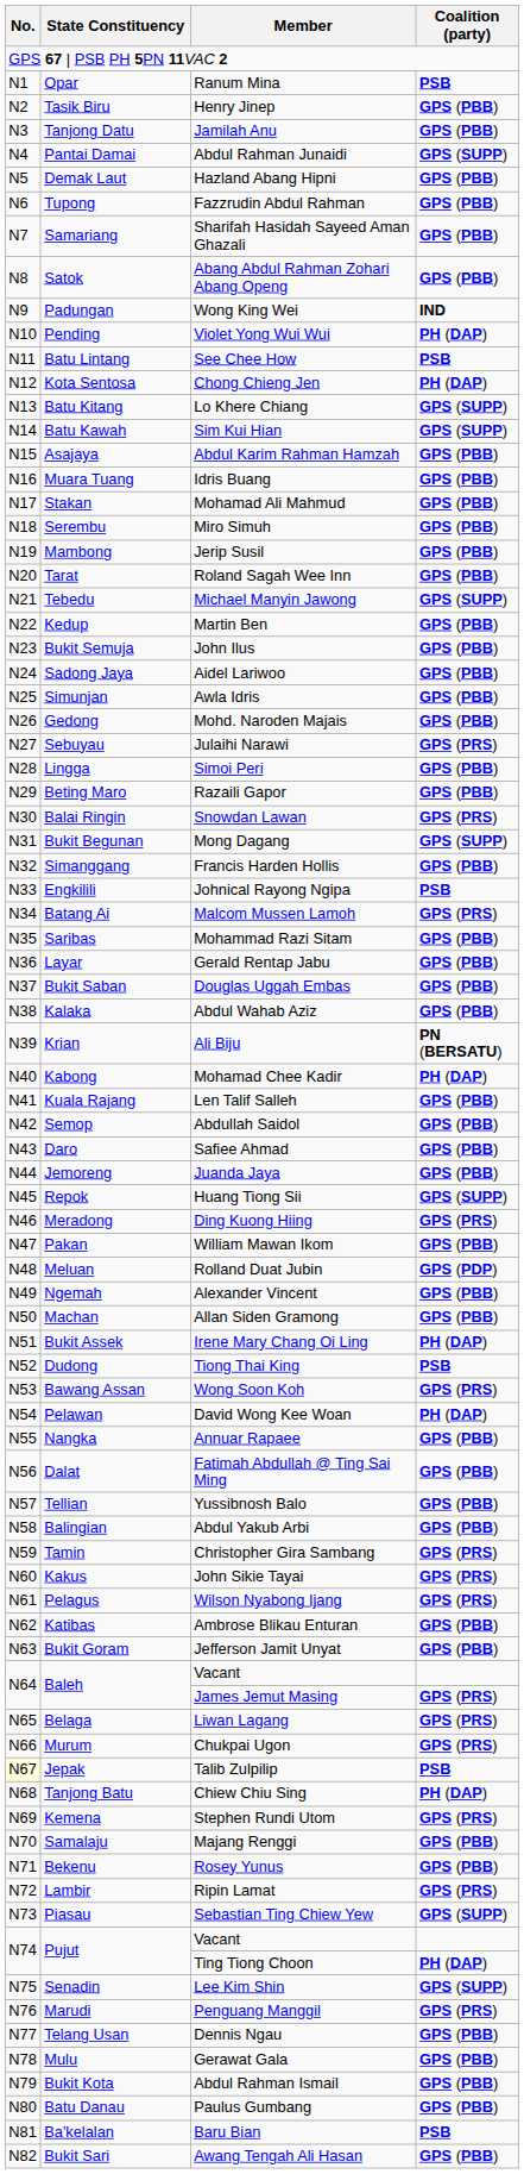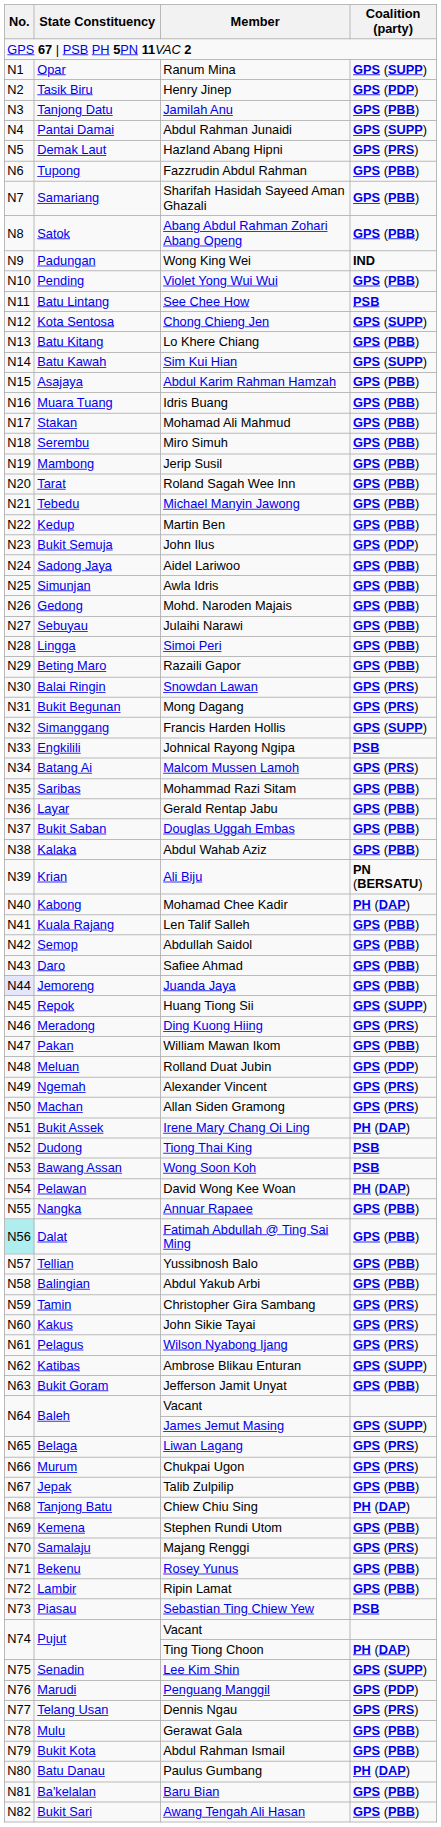 <table class="wikitable sortable">
 <tr>
 <th style="width:30px;">No.</th>
 <th style="width:150px;">State Constituency</th>
 <th style="width:230px;">Member</th>
 <th style="width:100px;">Coalition (party)</th>
 </tr>
 <tr>
 <td colspan="4"><a href='#'>GPS</a> <strong>67</strong> | <a href='#'>PSB</a> <strong></strong> <a href='#'>PH</a> <strong>5</strong><a href='#'>PN</a> <strong>1</strong><strong>1</strong><em>VAC</em> <strong>2</strong></td>
 </tr>
 <tr>
 <td>N1</td>
 <td><a href='#'>Opar</a></td>
 <td>Ranum Mina</td>
-<td style="background:"><strong><a href='#'>PSB</a></strong></td>
+<td style="background:"><strong><a href='#'>GPS</a></strong> (<strong><a href='#'>SUPP</a></strong>)</td>
 </tr>
 <tr>
 <td>N2</td>
 <td><a href='#'>Tasik Biru</a></td>
 <td>Henry Jinep</td>
-<td style="background:"><strong><a href='#'>GPS</a></strong> (<strong><a href='#'>PBB</a></strong>)</td>
+<td style="background:"><strong><a href='#'>GPS</a></strong> (<strong><a href='#'>PDP</a></strong>)</td>
 </tr>
 <tr>
 <td>N3</td>
 <td><a href='#'>Tanjong Datu</a></td>
 <td><a href='#'>Jamilah Anu</a></td>
 <td style="background:"><strong><a href='#'>GPS</a></strong> (<strong><a href='#'>PBB</a></strong>)</td>
 </tr>
 <tr>
 <td>N4</td>
 <td><a href='#'>Pantai Damai</a></td>
 <td>Abdul Rahman Junaidi</td>
 <td style="background:"><strong><a href='#'>GPS</a></strong> (<strong><a href='#'>SUPP</a></strong>)</td>
 </tr>
 <tr>
 <td>N5</td>
 <td><a href='#'>Demak Laut</a></td>
 <td>Hazland Abang Hipni</td>
-<td style="background:"><strong><a href='#'>GPS</a></strong> (<strong><a href='#'>PBB</a></strong>)</td>
+<td style="background:"><strong><a href='#'>GPS</a></strong> (<strong><a href='#'>PRS</a></strong>)</td>
 </tr>
 <tr>
 <td>N6</td>
 <td><a href='#'>Tupong</a></td>
 <td>Fazzrudin Abdul Rahman</td>
 <td style="background:"><strong><a href='#'>GPS</a></strong> (<strong><a href='#'>PBB</a></strong>)</td>
 </tr>
 <tr>
 <td>N7</td>
 <td><a href='#'>Samariang</a></td>
 <td>Sharifah Hasidah Sayeed Aman Ghazali</td>
 <td style="background:"><strong><a href='#'>GPS</a></strong> (<strong><a href='#'>PBB</a></strong>)</td>
 </tr>
 <tr>
 <td>N8</td>
 <td><a href='#'>Satok</a></td>
 <td><a href='#'>Abang Abdul Rahman Zohari Abang Openg</a></td>
 <td style="background:"><strong><a href='#'>GPS</a></strong> (<strong><a href='#'>PBB</a></strong>)</td>
 </tr>
 <tr>
 <td>N9</td>
 <td><a href='#'>Padungan</a></td>
 <td>Wong King Wei</td>
 <td style="background:"><strong>IND</strong></td>
 </tr>
 <tr>
 <td>N10</td>
 <td><a href='#'>Pending</a></td>
 <td><a href='#'>Violet Yong Wui Wui</a></td>
-<td style="background:"><strong><a href='#'>PH</a></strong> (<strong><a href='#'>DAP</a></strong>)</td>
+<td style="background:"><strong><a href='#'>GPS</a></strong> (<strong><a href='#'>PBB</a></strong>)</td>
 </tr>
 <tr>
 <td>N11</td>
 <td><a href='#'>Batu Lintang</a></td>
 <td><a href='#'>See Chee How</a></td>
 <td style="background:"><strong><a href='#'>PSB</a></strong></td>
 </tr>
 <tr>
 <td>N12</td>
 <td><a href='#'>Kota Sentosa</a></td>
 <td><a href='#'>Chong Chieng Jen</a></td>
-<td style="background:"><strong><a href='#'>PH</a></strong> (<strong><a href='#'>DAP</a></strong>)</td>
+<td style="background:"><strong><a href='#'>GPS</a></strong> (<strong><a href='#'>SUPP</a></strong>)</td>
 </tr>
 <tr>
 <td>N13</td>
 <td><a href='#'>Batu Kitang</a></td>
 <td>Lo Khere Chiang</td>
-<td style="background:"><strong><a href='#'>GPS</a></strong> (<strong><a href='#'>SUPP</a></strong>)</td>
+<td style="background:"><strong><a href='#'>GPS</a></strong> (<strong><a href='#'>PBB</a></strong>)</td>
 </tr>
 <tr>
 <td>N14</td>
 <td><a href='#'>Batu Kawah</a></td>
 <td><a href='#'>Sim Kui Hian</a></td>
 <td style="background:"><strong><a href='#'>GPS</a></strong> (<strong><a href='#'>SUPP</a></strong>)</td>
 </tr>
 <tr>
 <td>N15</td>
 <td><a href='#'>Asajaya</a></td>
 <td><a href='#'>Abdul Karim Rahman Hamzah</a></td>
 <td style="background:"><strong><a href='#'>GPS</a></strong> (<strong><a href='#'>PBB</a></strong>)</td>
 </tr>
 <tr>
 <td>N16</td>
 <td><a href='#'>Muara Tuang</a></td>
 <td>Idris Buang</td>
 <td style="background:"><strong><a href='#'>GPS</a></strong> (<strong><a href='#'>PBB</a></strong>)</td>
 </tr>
 <tr>
 <td>N17</td>
 <td><a href='#'>Stakan</a></td>
 <td>Mohamad Ali Mahmud</td>
 <td style="background:"><strong><a href='#'>GPS</a></strong> (<strong><a href='#'>PBB</a></strong>)</td>
 </tr>
 <tr>
 <td>N18</td>
 <td><a href='#'>Serembu</a></td>
 <td>Miro Simuh</td>
 <td style="background:"><strong><a href='#'>GPS</a></strong> (<strong><a href='#'>PBB</a></strong>)</td>
 </tr>
 <tr>
 <td>N19</td>
 <td><a href='#'>Mambong</a></td>
 <td>Jerip Susil</td>
 <td style="background:"><strong><a href='#'>GPS</a></strong> (<strong><a href='#'>PBB</a></strong>)</td>
 </tr>
 <tr>
 <td>N20</td>
 <td><a href='#'>Tarat</a></td>
 <td>Roland Sagah Wee Inn</td>
 <td style="background:"><strong><a href='#'>GPS</a></strong> (<strong><a href='#'>PBB</a></strong>)</td>
 </tr>
 <tr>
 <td>N21</td>
 <td><a href='#'>Tebedu</a></td>
 <td><a href='#'>Michael Manyin Jawong</a></td>
-<td style="background:"><strong><a href='#'>GPS</a></strong> (<strong><a href='#'>SUPP</a></strong>)</td>
+<td style="background:"><strong><a href='#'>GPS</a></strong> (<strong><a href='#'>PBB</a></strong>)</td>
 </tr>
 <tr>
 <td>N22</td>
 <td><a href='#'>Kedup</a></td>
 <td>Martin Ben</td>
 <td style="background:"><strong><a href='#'>GPS</a></strong> (<strong><a href='#'>PBB</a></strong>)</td>
 </tr>
 <tr>
 <td>N23</td>
 <td><a href='#'>Bukit Semuja</a></td>
 <td>John Ilus</td>
-<td style="background:"><strong><a href='#'>GPS</a></strong> (<strong><a href='#'>PBB</a></strong>)</td>
+<td style="background:"><strong><a href='#'>GPS</a></strong> (<strong><a href='#'>PDP</a></strong>)</td>
 </tr>
 <tr>
 <td>N24</td>
 <td><a href='#'>Sadong Jaya</a></td>
 <td>Aidel Lariwoo</td>
 <td style="background:"><strong><a href='#'>GPS</a></strong> (<strong><a href='#'>PBB</a></strong>)</td>
 </tr>
 <tr>
 <td>N25</td>
 <td><a href='#'>Simunjan</a></td>
 <td>Awla Idris</td>
 <td style="background:"><strong><a href='#'>GPS</a></strong> (<strong><a href='#'>PBB</a></strong>)</td>
 </tr>
 <tr>
 <td>N26</td>
 <td><a href='#'>Gedong</a></td>
 <td>Mohd. Naroden Majais</td>
 <td style="background:"><strong><a href='#'>GPS</a></strong> (<strong><a href='#'>PBB</a></strong>)</td>
 </tr>
 <tr>
 <td>N27</td>
 <td><a href='#'>Sebuyau</a></td>
 <td>Julaihi Narawi</td>
-<td style="background:"><strong><a href='#'>GPS</a></strong> (<strong><a href='#'>PRS</a></strong>)</td>
+<td style="background:"><strong><a href='#'>GPS</a></strong> (<strong><a href='#'>PBB</a></strong>)</td>
 </tr>
 <tr>
 <td>N28</td>
 <td><a href='#'>Lingga</a></td>
 <td><a href='#'>Simoi Peri</a></td>
 <td style="background:"><strong><a href='#'>GPS</a></strong> (<strong><a href='#'>PBB</a></strong>)</td>
 </tr>
 <tr>
 <td>N29</td>
 <td><a href='#'>Beting Maro</a></td>
 <td>Razaili Gapor</td>
 <td style="background:"><strong><a href='#'>GPS</a></strong> (<strong><a href='#'>PBB</a></strong>)</td>
 </tr>
 <tr>
 <td>N30</td>
 <td><a href='#'>Balai Ringin</a></td>
 <td><a href='#'>Snowdan Lawan</a></td>
 <td style="background:"><strong><a href='#'>GPS</a></strong> (<strong><a href='#'>PRS</a></strong>)</td>
 </tr>
 <tr>
 <td>N31</td>
 <td><a href='#'>Bukit Begunan</a></td>
 <td>Mong Dagang</td>
-<td style="background:"><strong><a href='#'>GPS</a></strong> (<strong><a href='#'>SUPP</a></strong>)</td>
+<td style="background:"><strong><a href='#'>GPS</a></strong> (<strong><a href='#'>PRS</a></strong>)</td>
 </tr>
 <tr>
 <td>N32</td>
 <td><a href='#'>Simanggang</a></td>
 <td>Francis Harden Hollis</td>
-<td style="background:"><strong><a href='#'>GPS</a></strong> (<strong><a href='#'>PBB</a></strong>)</td>
+<td style="background:"><strong><a href='#'>GPS</a></strong> (<strong><a href='#'>SUPP</a></strong>)</td>
 </tr>
 <tr>
 <td>N33</td>
 <td><a href='#'>Engkilili</a></td>
 <td>Johnical Rayong Ngipa</td>
 <td style="background:"><strong><a href='#'>PSB</a></strong></td>
 </tr>
 <tr>
 <td>N34</td>
 <td><a href='#'>Batang Ai</a></td>
 <td><a href='#'>Malcom Mussen Lamoh</a></td>
 <td style="background:"><strong><a href='#'>GPS</a></strong> (<strong><a href='#'>PRS</a></strong>)</td>
 </tr>
 <tr>
 <td>N35</td>
 <td><a href='#'>Saribas</a></td>
 <td>Mohammad Razi Sitam</td>
 <td style="background:"><strong><a href='#'>GPS</a></strong> (<strong><a href='#'>PBB</a></strong>)</td>
 </tr>
 <tr>
 <td>N36</td>
 <td><a href='#'>Layar</a></td>
 <td>Gerald Rentap Jabu</td>
 <td style="background:"><strong><a href='#'>GPS</a></strong> (<strong><a href='#'>PBB</a></strong>)</td>
 </tr>
 <tr>
 <td>N37</td>
 <td><a href='#'>Bukit Saban</a></td>
 <td><a href='#'>Douglas Uggah Embas</a></td>
 <td style="background:"><strong><a href='#'>GPS</a></strong> (<strong><a href='#'>PBB</a></strong>)</td>
 </tr>
 <tr>
 <td>N38</td>
 <td><a href='#'>Kalaka</a></td>
 <td>Abdul Wahab Aziz</td>
 <td style="background:"><strong><a href='#'>GPS</a></strong> (<strong><a href='#'>PBB</a></strong>)</td>
 </tr>
 <tr>
 <td>N39</td>
 <td><a href='#'>Krian</a></td>
 <td><a href='#'>Ali Biju</a></td>
 <td style="background:"><strong>PN</strong> (<strong>BERSATU</strong>)</td>
 </tr>
 <tr>
 <td>N40</td>
 <td><a href='#'>Kabong</a></td>
 <td>Mohamad Chee Kadir</td>
 <td style="background:"><strong><a href='#'>PH</a></strong> (<strong><a href='#'>DAP</a></strong>)</td>
 </tr>
 <tr>
 <td>N41</td>
 <td><a href='#'>Kuala Rajang</a></td>
 <td>Len Talif Salleh</td>
 <td style="background:"><strong><a href='#'>GPS</a></strong> (<strong><a href='#'>PBB</a></strong>)</td>
 </tr>
 <tr>
 <td>N42</td>
 <td><a href='#'>Semop</a></td>
 <td>Abdullah Saidol</td>
 <td style="background:"><strong><a href='#'>GPS</a></strong> (<strong><a href='#'>PBB</a></strong>)</td>
 </tr>
 <tr>
 <td>N43</td>
 <td><a href='#'>Daro</a></td>
 <td>Safiee Ahmad</td>
 <td style="background:"><strong><a href='#'>GPS</a></strong> (<strong><a href='#'>PBB</a></strong>)</td>
 </tr>
 <tr>
-<td>N44</td>
+<td style="background: lavender;">N44</td>
 <td><a href='#'>Jemoreng</a></td>
 <td><a href='#'>Juanda Jaya</a></td>
 <td style="background:"><strong><a href='#'>GPS</a></strong> (<strong><a href='#'>PBB</a></strong>)</td>
 </tr>
 <tr>
 <td>N45</td>
 <td><a href='#'>Repok</a></td>
 <td>Huang Tiong Sii</td>
 <td style="background:"><strong><a href='#'>GPS</a></strong> (<strong><a href='#'>SUPP</a></strong>)</td>
 </tr>
 <tr>
 <td>N46</td>
 <td><a href='#'>Meradong</a></td>
 <td><a href='#'>Ding Kuong Hiing</a></td>
 <td style="background:"><strong><a href='#'>GPS</a></strong> (<strong><a href='#'>PRS</a></strong>)</td>
 </tr>
 <tr>
 <td>N47</td>
 <td><a href='#'>Pakan</a></td>
 <td>William Mawan Ikom</td>
 <td style="background:"><strong><a href='#'>GPS</a></strong> (<strong><a href='#'>PBB</a></strong>)</td>
 </tr>
 <tr>
 <td>N48</td>
 <td><a href='#'>Meluan</a></td>
 <td>Rolland Duat Jubin</td>
 <td style="background:"><strong><a href='#'>GPS</a></strong> (<strong><a href='#'>PDP</a></strong>)</td>
 </tr>
 <tr>
 <td>N49</td>
 <td><a href='#'>Ngemah</a></td>
 <td>Alexander Vincent</td>
-<td style="background:"><strong><a href='#'>GPS</a></strong> (<strong><a href='#'>PBB</a></strong>)</td>
+<td style="background:"><strong><a href='#'>GPS</a></strong> (<strong><a href='#'>PRS</a></strong>)</td>
 </tr>
 <tr>
 <td>N50</td>
 <td><a href='#'>Machan</a></td>
 <td>Allan Siden Gramong</td>
-<td style="background:"><strong><a href='#'>GPS</a></strong> (<strong><a href='#'>PBB</a></strong>)</td>
+<td style="background:"><strong><a href='#'>GPS</a></strong> (<strong><a href='#'>PRS</a></strong>)</td>
 </tr>
 <tr>
 <td>N51</td>
 <td><a href='#'>Bukit Assek</a></td>
 <td><a href='#'>Irene Mary Chang Oi Ling</a></td>
 <td style="background:"><strong><a href='#'>PH</a></strong> (<strong><a href='#'>DAP</a></strong>)</td>
 </tr>
 <tr>
 <td>N52</td>
 <td><a href='#'>Dudong</a></td>
 <td><a href='#'>Tiong Thai King</a></td>
 <td style="background:"><strong><a href='#'>PSB</a></strong></td>
 </tr>
 <tr>
 <td>N53</td>
 <td><a href='#'>Bawang Assan</a></td>
 <td><a href='#'>Wong Soon Koh</a></td>
-<td style="background:"><strong><a href='#'>GPS</a></strong> (<strong><a href='#'>PRS</a></strong>)</td>
+<td style="background:"><strong><a href='#'>PSB</a></strong></td>
 </tr>
 <tr>
 <td>N54</td>
 <td><a href='#'>Pelawan</a></td>
 <td>David Wong Kee Woan</td>
 <td style="background:"><strong><a href='#'>PH</a></strong> (<strong><a href='#'>DAP</a></strong>)</td>
 </tr>
 <tr>
 <td>N55</td>
 <td><a href='#'>Nangka</a></td>
 <td><a href='#'>Annuar Rapaee</a></td>
 <td style="background:"><strong><a href='#'>GPS</a></strong> (<strong><a href='#'>PBB</a></strong>)</td>
 </tr>
 <tr>
-<td>N56</td>
+<td style="background: paleturquoise;">N56</td>
 <td><a href='#'>Dalat</a></td>
 <td><a href='#'>Fatimah Abdullah @ Ting Sai Ming</a></td>
 <td style="background:"><strong><a href='#'>GPS</a></strong> (<strong><a href='#'>PBB</a></strong>)</td>
 </tr>
 <tr>
 <td>N57</td>
 <td><a href='#'>Tellian</a></td>
 <td>Yussibnosh Balo</td>
 <td style="background:"><strong><a href='#'>GPS</a></strong> (<strong><a href='#'>PBB</a></strong>)</td>
 </tr>
 <tr>
 <td>N58</td>
 <td><a href='#'>Balingian</a></td>
 <td>Abdul Yakub Arbi</td>
 <td style="background:"><strong><a href='#'>GPS</a></strong> (<strong><a href='#'>PBB</a></strong>)</td>
 </tr>
 <tr>
 <td>N59</td>
 <td><a href='#'>Tamin</a></td>
 <td>Christopher Gira Sambang</td>
 <td style="background:"><strong><a href='#'>GPS</a></strong> (<strong><a href='#'>PRS</a></strong>)</td>
 </tr>
 <tr>
 <td>N60</td>
 <td><a href='#'>Kakus</a></td>
 <td>John Sikie Tayai</td>
 <td style="background:"><strong><a href='#'>GPS</a></strong> (<strong><a href='#'>PRS</a></strong>)</td>
 </tr>
 <tr>
 <td>N61</td>
 <td><a href='#'>Pelagus</a></td>
 <td><a href='#'>Wilson Nyabong Ijang</a></td>
 <td style="background:"><strong><a href='#'>GPS</a></strong> (<strong><a href='#'>PRS</a></strong>)</td>
 </tr>
 <tr>
 <td>N62</td>
 <td><a href='#'>Katibas</a></td>
 <td>Ambrose Blikau Enturan</td>
-<td style="background:"><strong><a href='#'>GPS</a></strong> (<strong><a href='#'>PBB</a></strong>)</td>
+<td style="background:"><strong><a href='#'>GPS</a></strong> (<strong><a href='#'>SUPP</a></strong>)</td>
 </tr>
 <tr>
 <td>N63</td>
 <td><a href='#'>Bukit Goram</a></td>
 <td>Jefferson Jamit Unyat</td>
 <td style="background:"><strong><a href='#'>GPS</a></strong> (<strong><a href='#'>PBB</a></strong>)</td>
 </tr>
 <tr>
 <td rowspan="2">N64</td>
 <td rowspan="2"><a href='#'>Baleh</a></td>
 <td>Vacant</td>
 <td style="background:"></td>
 </tr>
 <tr>
 <td><a href='#'>James Jemut Masing</a> </td>
-<td style="background:"><strong><a href='#'>GPS</a></strong> (<strong><a href='#'>PRS</a></strong>)</td>
+<td style="background:"><strong><a href='#'>GPS</a></strong> (<strong><a href='#'>SUPP</a></strong>)</td>
 </tr>
 <tr>
 <td>N65</td>
 <td><a href='#'>Belaga</a></td>
 <td><a href='#'>Liwan Lagang</a></td>
 <td style="background:"><strong><a href='#'>GPS</a></strong> (<strong><a href='#'>PRS</a></strong>)</td>
 </tr>
 <tr>
 <td>N66</td>
 <td><a href='#'>Murum</a></td>
 <td>Chukpai Ugon</td>
 <td style="background:"><strong><a href='#'>GPS</a></strong> (<strong><a href='#'>PRS</a></strong>)</td>
 </tr>
 <tr>
-<td style="background: lightyellow;">N67</td>
+<td>N67</td>
 <td><a href='#'>Jepak</a></td>
 <td>Talib Zulpilip</td>
-<td style="background:"><strong><a href='#'>PSB</a></strong></td>
+<td style="background:"><strong><a href='#'>GPS</a></strong> (<strong><a href='#'>PBB</a></strong>)</td>
 </tr>
 <tr>
 <td>N68</td>
 <td><a href='#'>Tanjong Batu</a></td>
 <td>Chiew Chiu Sing</td>
 <td style="background:"><strong><a href='#'>PH</a></strong> (<strong><a href='#'>DAP</a></strong>)</td>
 </tr>
 <tr>
 <td>N69</td>
 <td><a href='#'>Kemena</a></td>
 <td>Stephen Rundi Utom</td>
-<td style="background:"><strong><a href='#'>GPS</a></strong> (<strong><a href='#'>PRS</a></strong>)</td>
+<td style="background:"><strong><a href='#'>GPS</a></strong> (<strong><a href='#'>PBB</a></strong>)</td>
 </tr>
 <tr>
 <td>N70</td>
 <td><a href='#'>Samalaju</a></td>
 <td>Majang Renggi</td>
-<td style="background:"><strong><a href='#'>GPS</a></strong> (<strong><a href='#'>PBB</a></strong>)</td>
+<td style="background:"><strong><a href='#'>GPS</a></strong> (<strong><a href='#'>PRS</a></strong>)</td>
 </tr>
 <tr>
 <td>N71</td>
 <td><a href='#'>Bekenu</a></td>
 <td><a href='#'>Rosey Yunus</a></td>
 <td style="background:"><strong><a href='#'>GPS</a></strong> (<strong><a href='#'>PBB</a></strong>)</td>
 </tr>
 <tr>
 <td>N72</td>
 <td><a href='#'>Lambir</a></td>
 <td>Ripin Lamat</td>
-<td style="background:"><strong><a href='#'>GPS</a></strong> (<strong><a href='#'>PRS</a></strong>)</td>
+<td style="background:"><strong><a href='#'>GPS</a></strong> (<strong><a href='#'>PBB</a></strong>)</td>
 </tr>
 <tr>
 <td>N73</td>
 <td><a href='#'>Piasau</a></td>
 <td><a href='#'>Sebastian Ting Chiew Yew</a></td>
-<td style="background:"><strong><a href='#'>GPS</a></strong> (<strong><a href='#'>SUPP</a></strong>)</td>
+<td style="background:"><strong><a href='#'>PSB</a></strong></td>
 </tr>
 <tr>
 <td rowspan="2">N74</td>
 <td rowspan="2"><a href='#'>Pujut</a></td>
 <td>Vacant</td>
 <td></td>
 </tr>
 <tr>
 <td>Ting Tiong Choon </td>
 <td style="background:"><strong><a href='#'>PH</a></strong> (<strong><a href='#'>DAP</a></strong>)</td>
 </tr>
 <tr>
 <td>N75</td>
 <td><a href='#'>Senadin</a></td>
 <td><a href='#'>Lee Kim Shin</a></td>
 <td style="background:"><strong><a href='#'>GPS</a></strong> (<strong><a href='#'>SUPP</a></strong>)</td>
 </tr>
 <tr>
 <td>N76</td>
 <td><a href='#'>Marudi</a></td>
 <td><a href='#'>Penguang Manggil</a></td>
-<td style="background:"><strong><a href='#'>GPS</a></strong> (<strong><a href='#'>PRS</a></strong>)</td>
+<td style="background:"><strong><a href='#'>GPS</a></strong> (<strong><a href='#'>PDP</a></strong>)</td>
 </tr>
 <tr>
 <td>N77</td>
 <td><a href='#'>Telang Usan</a></td>
 <td>Dennis Ngau</td>
-<td style="background:"><strong><a href='#'>GPS</a></strong> (<strong><a href='#'>PBB</a></strong>)</td>
+<td style="background:"><strong><a href='#'>GPS</a></strong> (<strong><a href='#'>PRS</a></strong>)</td>
 </tr>
 <tr>
 <td>N78</td>
 <td><a href='#'>Mulu</a></td>
 <td>Gerawat Gala</td>
 <td style="background:"><strong><a href='#'>GPS</a></strong> (<strong><a href='#'>PBB</a></strong>)</td>
 </tr>
 <tr>
 <td>N79</td>
 <td><a href='#'>Bukit Kota</a></td>
 <td>Abdul Rahman Ismail</td>
 <td style="background:"><strong><a href='#'>GPS</a></strong> (<strong><a href='#'>PBB</a></strong>)</td>
 </tr>
 <tr>
 <td>N80</td>
 <td><a href='#'>Batu Danau</a></td>
 <td>Paulus Gumbang</td>
-<td style="background:"><strong><a href='#'>GPS</a></strong> (<strong><a href='#'>PBB</a></strong>)</td>
+<td style="background:"><strong><a href='#'>PH</a></strong> (<strong><a href='#'>DAP</a></strong>)</td>
 </tr>
 <tr>
 <td>N81</td>
 <td><a href='#'>Ba'kelalan</a></td>
 <td><a href='#'>Baru Bian</a></td>
-<td style="background:"><strong><a href='#'>PSB</a></strong></td>
+<td style="background:"><strong><a href='#'>GPS</a></strong> (<strong><a href='#'>PBB</a></strong>)</td>
 </tr>
 <tr>
 <td>N82</td>
 <td><a href='#'>Bukit Sari</a></td>
 <td><a href='#'>Awang Tengah Ali Hasan</a></td>
 <td style="background:"><strong><a href='#'>GPS</a></strong> (<strong><a href='#'>PBB</a></strong>)</td>
 </tr>
 </table>
